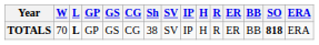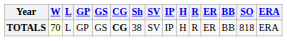 <table class="wikitable">
 <tr>
 <th>Year</th>
 <th><a href='#'>W</a></th>
 <th><a href='#'>L</a></th>
 <th><a href='#'>GP</a></th>
 <th><a href='#'>GS</a></th>
 <th><a href='#'>CG</a></th>
 <th><a href='#'>Sh</a></th>
 <th><a href='#'>SV</a></th>
 <th><a href='#'>IP</a></th>
 <th><a href='#'>H</a></th>
 <th><a href='#'>R</a></th>
 <th><a href='#'>ER</a></th>
 <th><a href='#'>BB</a></th>
 <th><a href='#'>SO</a></th>
 <th><a href='#'>ERA</a></th>
 </tr>
 <tr>
 <th><strong>TOTALS</strong></th>
-<td>70</td>
-<td><strong>L</strong></td>
+<td style="background: lightyellow;">70</td>
+<td>L</td>
 <td>GP</td>
 <td>GS</td>
-<td>CG</td>
+<td><strong>CG</strong></td>
 <td>38</td>
 <td>SV</td>
 <td>IP</td>
 <td>H</td>
 <td>R</td>
 <td>ER</td>
 <td>BB</td>
-<td><strong>818</strong></td>
+<td>818</td>
 <td>ERA</td>
 </tr>
 </table>
